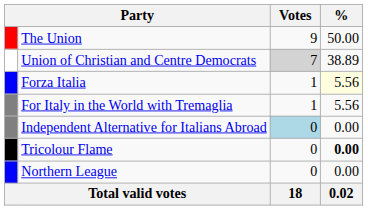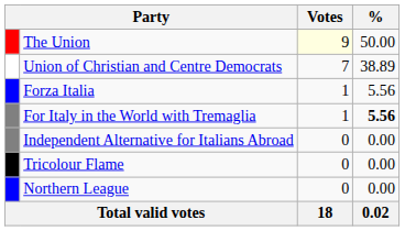 <table class="wikitable">
 <tr>
 <th colspan="2" style="width: 130px">Party</th>
 <th style="width: 50px">Votes</th>
 <th style="width: 40px">%</th>
 </tr>
 <tr>
 <td style="background-color:red">  </td>
 <td style="text-align: left"><a href='#'>The Union</a></td>
-<td style="text-align: right">9</td>
+<td style="background: lightyellow; text-align: right">9</td>
 <td style="text-align: right">50.00</td>
 </tr>
 <tr>
 <td style="background-color:white">  </td>
 <td style="text-align: left"><a href='#'>Union of Christian and Centre Democrats</a></td>
-<td align="right" style="background: lightgrey;">7</td>
+<td align="right">7</td>
 <td align="right">38.89</td>
 </tr>
 <tr>
 <td style="background-color:blue">  </td>
 <td style="text-align: left"><a href='#'>Forza Italia</a></td>
 <td style="text-align: right">1</td>
-<td style="background: lightyellow; text-align: right">5.56</td>
+<td style="text-align: right">5.56</td>
 </tr>
 <tr>
 <td style="background-color:grey">  </td>
 <td style="text-align: left"><a href='#'>For Italy in the World with Tremaglia</a></td>
 <td align="right">1</td>
-<td align="right">5.56</td>
+<td align="right"><strong>5.56</strong></td>
 </tr>
 <tr>
 <td style="background-color:grey">  </td>
 <td style="text-align: left"><a href='#'>Independent Alternative for Italians Abroad</a></td>
-<td align="right" style="background: lightblue;">0</td>
+<td align="right">0</td>
 <td align="right">0.00</td>
 </tr>
 <tr>
 <td style="background-color:black">  </td>
 <td style="text-align: left"><a href='#'>Tricolour Flame</a></td>
 <td align="right">0</td>
-<td align="right"><strong>0.00</strong></td>
+<td align="right">0.00</td>
 </tr>
 <tr>
 <td style="background-color:blue">  </td>
 <td style="text-align: left"><a href='#'>Northern League</a></td>
 <td align="right">0</td>
 <td align="right">0.00</td>
 </tr>
 <tr bgcolor="white">
 <th align="right" colspan=2>Total valid votes</th>
 <th align="right">18</th>
 <th align="right">0.02</th>
 </tr>
 </table>
